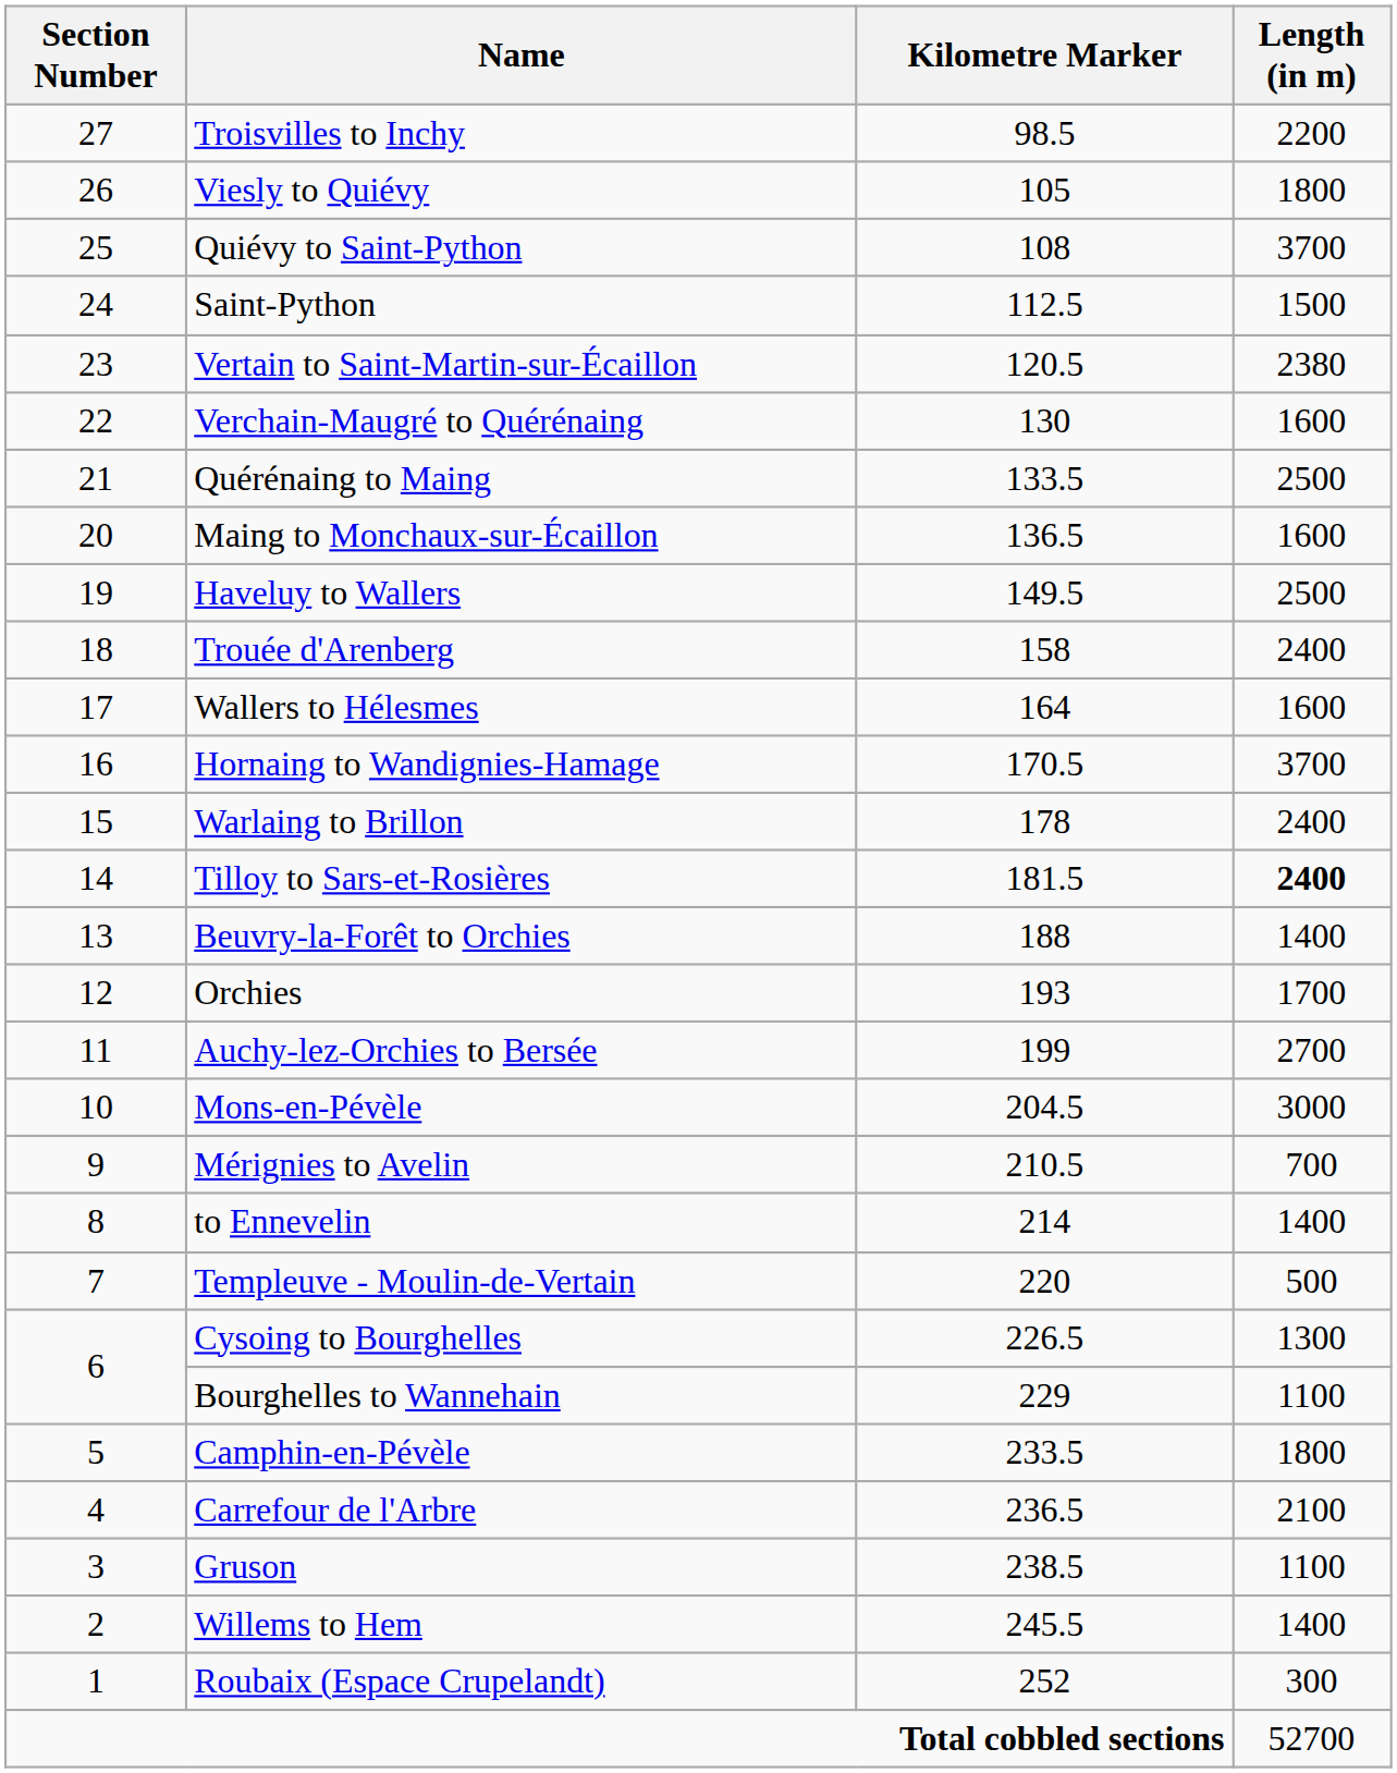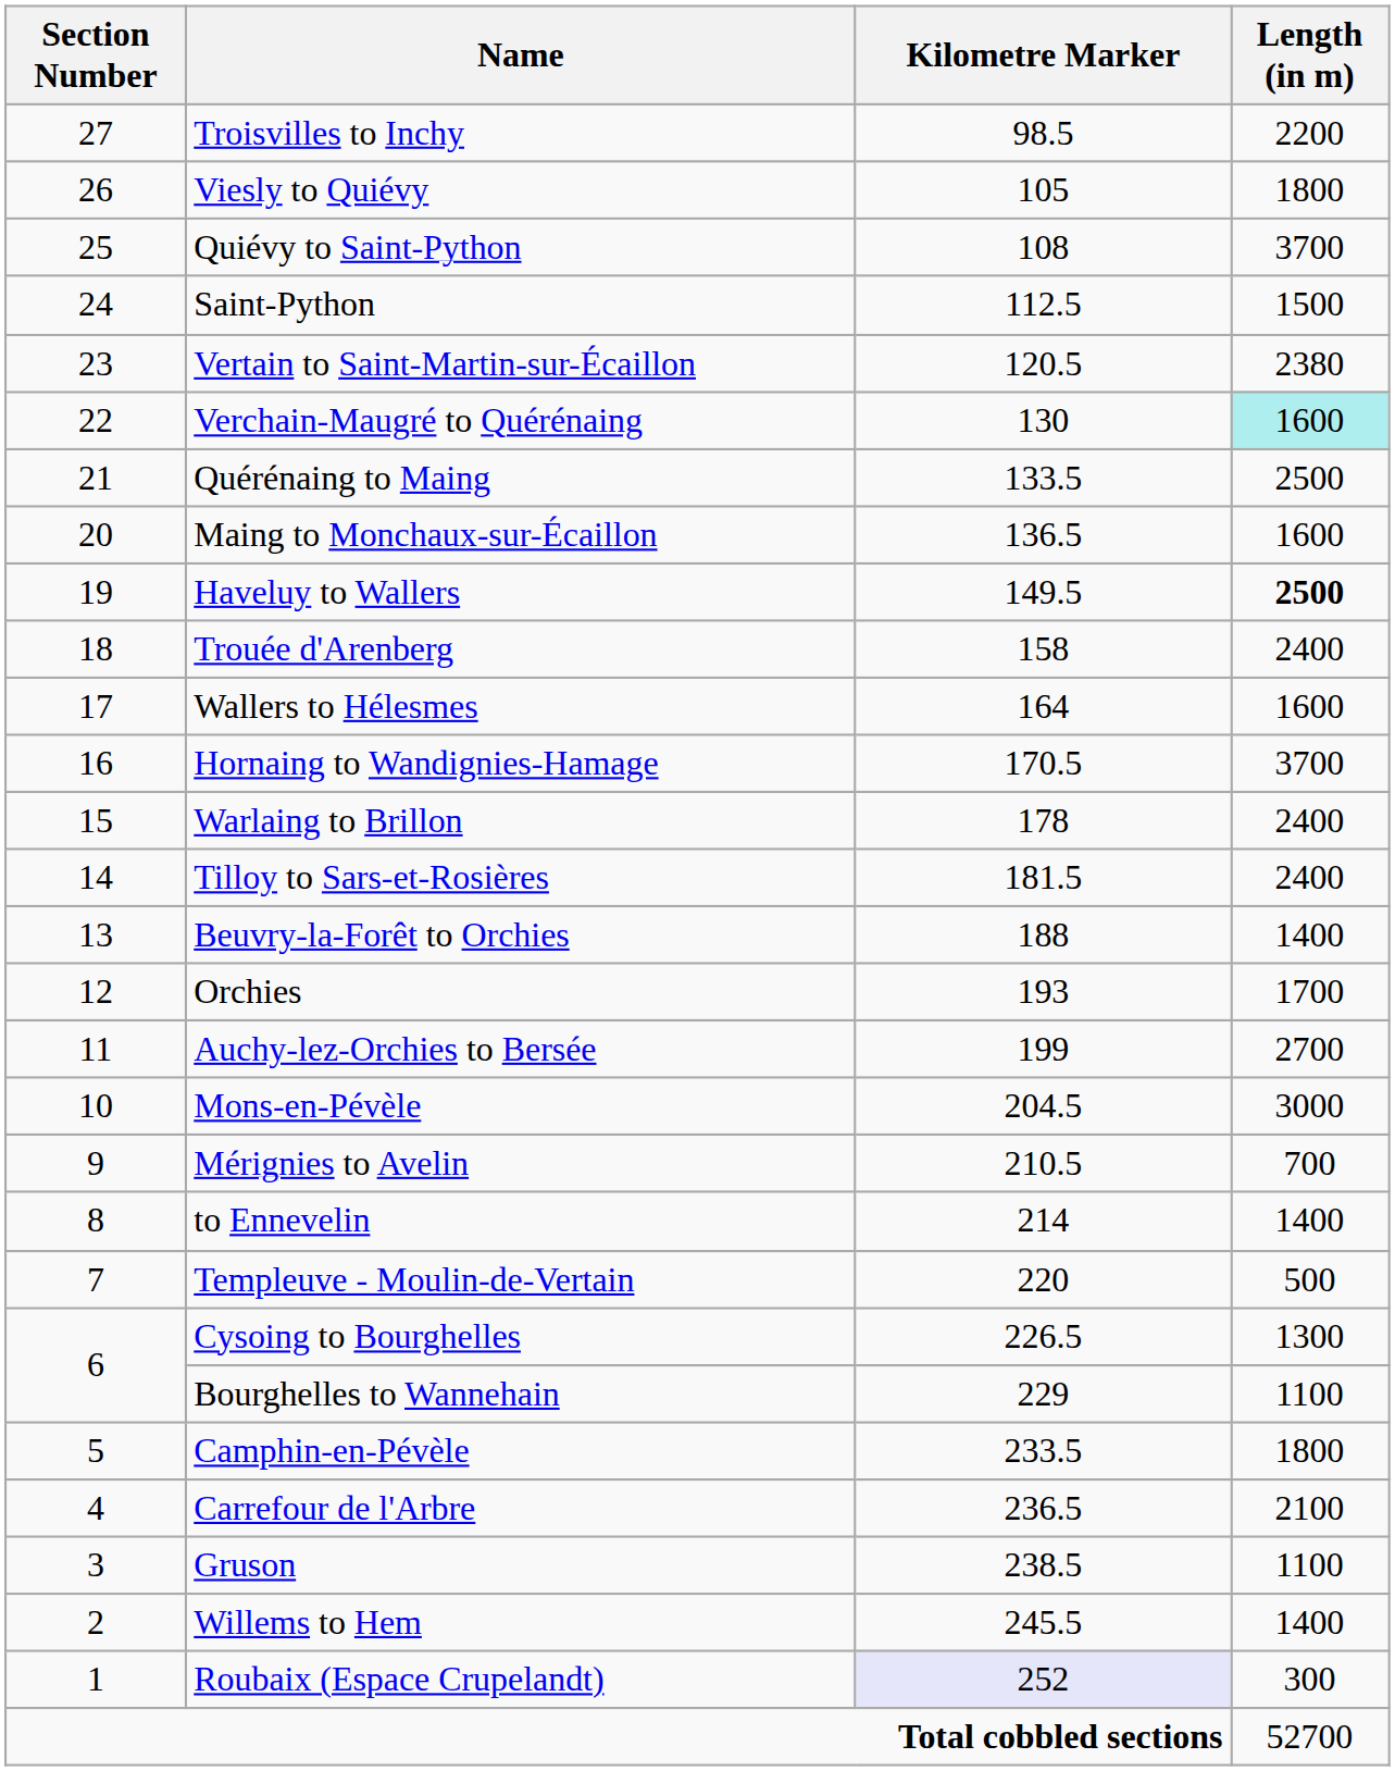 <table class="wikitable" style="float:left; text-align:center; font-size:95%; width:48%;">
 <tr>
 <th>Section<br>Number</th>
 <th>Name</th>
 <th>Kilometre Marker</th>
 <th>Length<br>(in m)</th>
 </tr>
 <tr>
 <td>27</td>
 <td style="text-align:left;"><a href='#'>Troisvilles</a> to <a href='#'>Inchy</a></td>
 <td>98.5</td>
 <td>2200</td>
 </tr>
 <tr>
 <td>26</td>
 <td style="text-align:left;"><a href='#'>Viesly</a> to <a href='#'>Quiévy</a></td>
 <td>105</td>
 <td>1800</td>
 </tr>
 <tr>
 <td>25</td>
 <td style="text-align:left;">Quiévy to <a href='#'>Saint-Python</a></td>
 <td>108</td>
 <td>3700</td>
 </tr>
 <tr>
 <td>24</td>
 <td style="text-align:left;">Saint-Python</td>
 <td>112.5</td>
 <td>1500</td>
 </tr>
 <tr>
 <td>23</td>
 <td style="text-align:left;"><a href='#'>Vertain</a> to <a href='#'>Saint-Martin-sur-Écaillon</a></td>
 <td>120.5</td>
 <td>2380</td>
 </tr>
 <tr>
 <td>22</td>
 <td style="text-align:left;"><a href='#'>Verchain-Maugré</a> to <a href='#'>Quérénaing</a></td>
 <td>130</td>
-<td>1600</td>
+<td style="background: paleturquoise;">1600</td>
 </tr>
 <tr>
 <td>21</td>
 <td style="text-align:left;">Quérénaing to <a href='#'>Maing</a></td>
 <td>133.5</td>
 <td>2500</td>
 </tr>
 <tr>
 <td>20</td>
 <td style="text-align:left;">Maing to <a href='#'>Monchaux-sur-Écaillon</a></td>
 <td>136.5</td>
 <td>1600</td>
 </tr>
 <tr>
 <td>19</td>
 <td style="text-align:left;"><a href='#'>Haveluy</a> to <a href='#'>Wallers</a></td>
 <td>149.5</td>
-<td>2500</td>
+<td><strong>2500</strong></td>
 </tr>
 <tr>
 <td>18</td>
 <td style="text-align:left;"><a href='#'>Trouée d'Arenberg</a></td>
 <td>158</td>
 <td>2400</td>
 </tr>
 <tr>
 <td>17</td>
 <td style="text-align:left;">Wallers to <a href='#'>Hélesmes</a></td>
 <td>164</td>
 <td>1600</td>
 </tr>
 <tr>
 <td>16</td>
 <td style="text-align:left;"><a href='#'>Hornaing</a> to <a href='#'>Wandignies-Hamage</a></td>
 <td>170.5</td>
 <td>3700</td>
 </tr>
 <tr>
 <td>15</td>
 <td style="text-align:left;"><a href='#'>Warlaing</a> to <a href='#'>Brillon</a></td>
 <td>178</td>
 <td>2400</td>
 </tr>
 <tr>
 <td>14</td>
 <td style="text-align:left;"><a href='#'>Tilloy</a> to <a href='#'>Sars-et-Rosières</a></td>
 <td>181.5</td>
-<td><strong>2400</strong></td>
+<td>2400</td>
 </tr>
 <tr>
 <td>13</td>
 <td style="text-align:left;"><a href='#'>Beuvry-la-Forêt</a> to <a href='#'>Orchies</a></td>
 <td>188</td>
 <td>1400</td>
 </tr>
 <tr>
 <td>12</td>
 <td style="text-align:left;">Orchies</td>
 <td>193</td>
 <td>1700</td>
 </tr>
 <tr>
 <td>11</td>
 <td style="text-align:left;"><a href='#'>Auchy-lez-Orchies</a> to <a href='#'>Bersée</a></td>
 <td>199</td>
 <td>2700</td>
 </tr>
 <tr>
 <td>10</td>
 <td style="text-align:left;"><a href='#'>Mons-en-Pévèle</a></td>
 <td>204.5</td>
 <td>3000</td>
 </tr>
 <tr>
 <td>9</td>
 <td style="text-align:left;"><a href='#'>Mérignies</a> to <a href='#'>Avelin</a></td>
 <td>210.5</td>
 <td>700</td>
 </tr>
 <tr>
 <td>8</td>
 <td style="text-align:left;"> to <a href='#'>Ennevelin</a></td>
 <td>214</td>
 <td>1400</td>
 </tr>
 <tr>
 <td>7</td>
 <td style="text-align:left;"><a href='#'>Templeuve - Moulin-de-Vertain</a></td>
 <td>220</td>
 <td>500</td>
 </tr>
 <tr>
 <td rowspan=2>6</td>
 <td style="text-align:left;"><a href='#'>Cysoing</a> to <a href='#'>Bourghelles</a></td>
 <td>226.5</td>
 <td>1300</td>
 </tr>
 <tr>
 <td style="text-align:left;">Bourghelles to <a href='#'>Wannehain</a></td>
 <td>229</td>
 <td>1100</td>
 </tr>
 <tr>
 <td>5</td>
 <td style="text-align:left;"><a href='#'>Camphin-en-Pévèle</a></td>
 <td>233.5</td>
 <td>1800</td>
 </tr>
 <tr>
 <td>4</td>
 <td style="text-align:left;"><a href='#'>Carrefour de l'Arbre</a></td>
 <td>236.5</td>
 <td>2100</td>
 </tr>
 <tr>
 <td>3</td>
 <td style="text-align:left;"><a href='#'>Gruson</a></td>
 <td>238.5</td>
 <td>1100</td>
 </tr>
 <tr>
 <td>2</td>
 <td style="text-align:left;"><a href='#'>Willems</a> to <a href='#'>Hem</a></td>
 <td>245.5</td>
 <td>1400</td>
 </tr>
 <tr>
 <td>1</td>
 <td style="text-align:left;"><a href='#'>Roubaix (Espace Crupelandt)</a></td>
-<td>252</td>
+<td style="background: lavender;">252</td>
 <td>300</td>
 </tr>
 <tr>
 <td style="text-align:right;" colspan=3><strong>Total cobbled sections</strong></td>
 <td>52700</td>
 </tr>
 </table>
